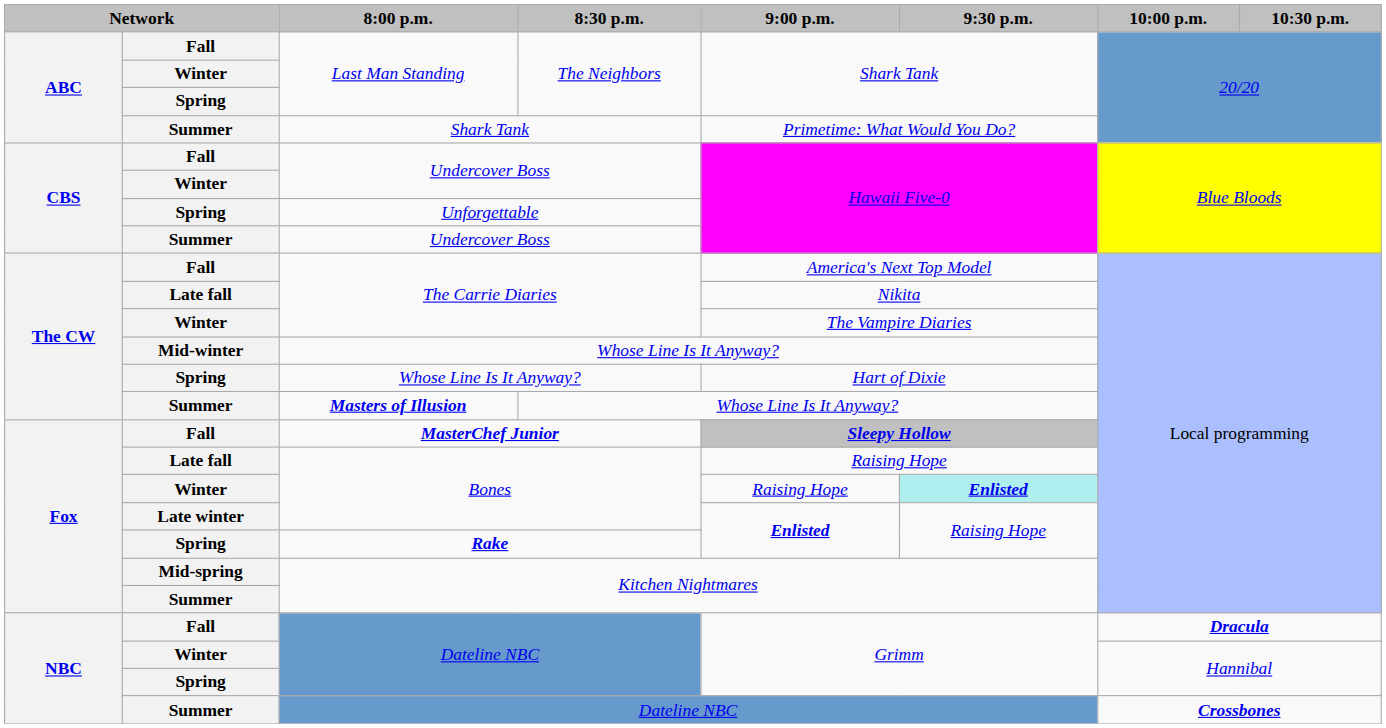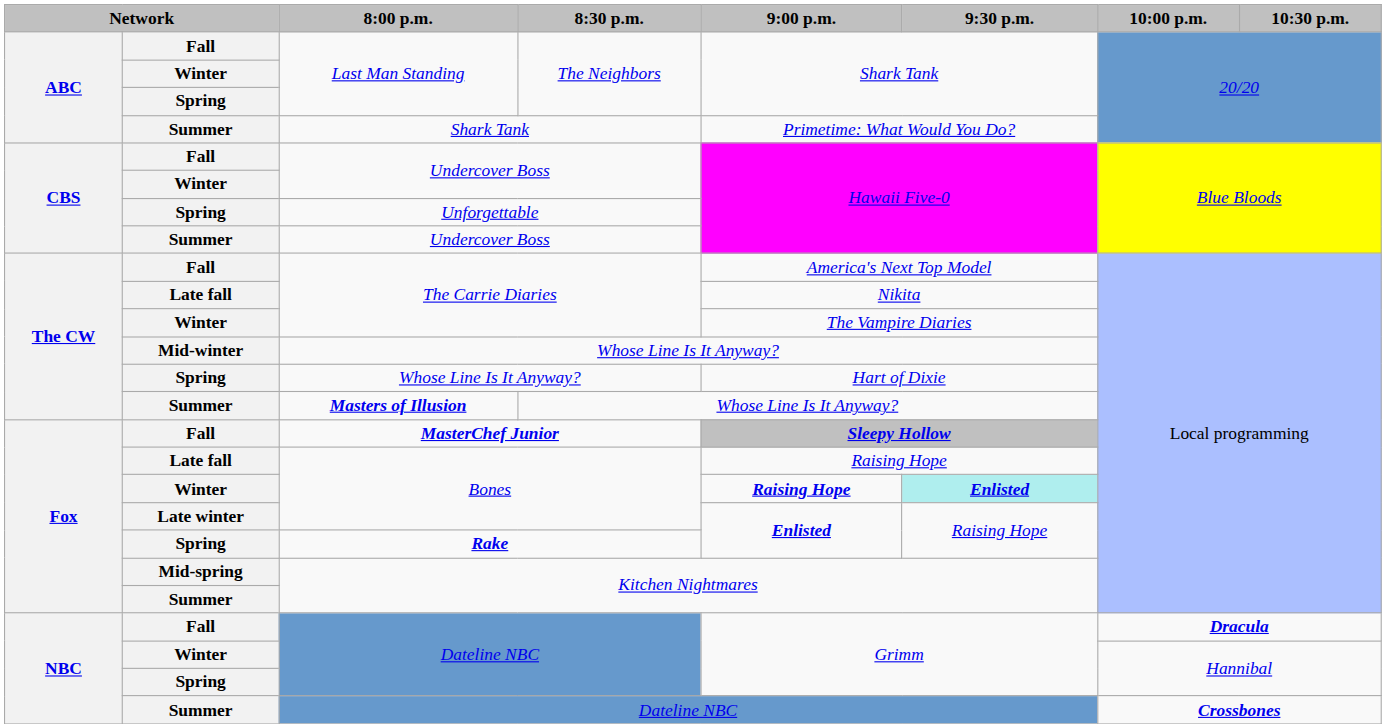 <table class="wikitable" style="width:100%;margin-right:0;text-align:center">
 <tr>
 <th colspan="2" style="background-color:#C0C0C0;text-align:center">Network</th>
 <th style="background-color:#C0C0C0;text-align:center">8:00 p.m.</th>
 <th style="background-color:#C0C0C0;text-align:center">8:30 p.m.</th>
 <th style="background-color:#C0C0C0;text-align:center">9:00 p.m.</th>
 <th style="background-color:#C0C0C0;text-align:center">9:30 p.m.</th>
 <th style="background-color:#C0C0C0;text-align:center">10:00 p.m.</th>
 <th style="background-color:#C0C0C0;text-align:center">10:30 p.m.</th>
 </tr>
 <tr>
 <th rowspan="4"><a href='#'>ABC</a></th>
 <th>Fall</th>
 <td rowspan="3"><em><a href='#'>Last Man Standing</a></em></td>
 <td rowspan="3"><em><a href='#'>The Neighbors</a></em></td>
 <td rowspan="3" colspan="2"><em><a href='#'>Shark Tank</a></em></td>
 <td style="background:#6699CC;" rowspan="4" colspan="2"><em><a href='#'>20/20</a></em></td>
 </tr>
 <tr>
 <th>Winter</th>
 </tr>
 <tr>
 <th>Spring</th>
 </tr>
 <tr>
 <th>Summer</th>
 <td colspan="2"><em><a href='#'>Shark Tank</a></em></td>
 <td colspan="2"><em><a href='#'>Primetime: What Would You Do?</a></em></td>
 </tr>
 <tr>
 <th rowspan="4"><a href='#'>CBS</a></th>
 <th>Fall</th>
 <td rowspan="2" colspan="2"><em><a href='#'>Undercover Boss</a></em></td>
 <td style="background:#FF00FF;" rowspan="4" colspan="2"><em><a href='#'>Hawaii Five-0</a></em> </td>
 <td style="background:#FFFF00;" rowspan="4" colspan="2"><em><a href='#'>Blue Bloods</a></em> </td>
 </tr>
 <tr>
 <th>Winter</th>
 </tr>
 <tr>
 <th>Spring</th>
 <td colspan="2"><em><a href='#'>Unforgettable</a></em></td>
 </tr>
 <tr>
 <th>Summer</th>
 <td colspan="2"><em><a href='#'>Undercover Boss</a></em></td>
 </tr>
 <tr>
 <th rowspan="6"><a href='#'>The CW</a></th>
 <th>Fall</th>
 <td colspan="2" rowspan="3"><em><a href='#'>The Carrie Diaries</a></em></td>
 <td colspan="2"><em><a href='#'>America's Next Top Model</a></em></td>
 <td style="background:#abbfff;" colspan="2" rowspan="13">Local programming</td>
 </tr>
 <tr>
 <th>Late fall</th>
 <td colspan="2"><em><a href='#'>Nikita</a></em></td>
 </tr>
 <tr>
 <th>Winter</th>
 <td colspan="2"><em><a href='#'>The Vampire Diaries</a></em></td>
 </tr>
 <tr>
 <th>Mid-winter</th>
 <td colspan="4"><em><a href='#'>Whose Line Is It Anyway?</a></em></td>
 </tr>
 <tr>
 <th>Spring</th>
 <td colspan="2"><em><a href='#'>Whose Line Is It Anyway?</a></em></td>
 <td colspan="2"><em><a href='#'>Hart of Dixie</a></em></td>
 </tr>
 <tr>
 <th>Summer</th>
 <td><strong><em><a href='#'>Masters of Illusion</a></em></strong></td>
 <td colspan="3"><em><a href='#'>Whose Line Is It Anyway?</a></em></td>
 </tr>
 <tr>
 <th rowspan="7"><a href='#'>Fox</a></th>
 <th>Fall</th>
 <td colspan="2"><strong><em><a href='#'>MasterChef Junior</a></em></strong></td>
 <td colspan="2" style="background:#C0C0C0;"><strong><em><a href='#'>Sleepy Hollow</a></em></strong> </td>
 </tr>
 <tr>
 <th>Late fall</th>
 <td rowspan="3" colspan="2"><em><a href='#'>Bones</a></em></td>
 <td colspan="2"><em><a href='#'>Raising Hope</a></em></td>
 </tr>
 <tr>
 <th>Winter</th>
-<td><em><a href='#'>Raising Hope</a></em></td>
+<td><strong><em><a href='#'>Raising Hope</a></em></strong></td>
 <td style="background: paleturquoise;"><strong><em><a href='#'>Enlisted</a></em></strong></td>
 </tr>
 <tr>
 <th>Late winter</th>
 <td rowspan="2"><strong><em><a href='#'>Enlisted</a></em></strong></td>
 <td rowspan="2"><em><a href='#'>Raising Hope</a></em></td>
 </tr>
 <tr>
 <th>Spring</th>
 <td colspan="2"><strong><em><a href='#'>Rake</a></em></strong></td>
 </tr>
 <tr>
 <th>Mid-spring</th>
 <td rowspan="2" colspan="4"><em><a href='#'>Kitchen Nightmares</a></em></td>
 </tr>
 <tr>
 <th>Summer</th>
 </tr>
 <tr>
 <th rowspan="4"><a href='#'>NBC</a></th>
 <th>Fall</th>
 <td colspan="2" rowspan="3" style="background:#6699CC;"><em><a href='#'>Dateline NBC</a></em></td>
 <td colspan="2" rowspan="3"><em><a href='#'>Grimm</a></em></td>
 <td colspan="2"><strong><em><a href='#'>Dracula</a></em></strong></td>
 </tr>
 <tr>
 <th>Winter</th>
 <td colspan="2" rowspan="2"><em><a href='#'>Hannibal</a></em></td>
 </tr>
 <tr>
 <th>Spring</th>
 </tr>
 <tr>
 <th>Summer</th>
 <td style="background-color:#6699CC;" rowspan="2" colspan="4"><em><a href='#'>Dateline NBC</a></em></td>
 <td colspan="4"><strong><em><a href='#'>Crossbones</a></em></strong></td>
 </tr>
 </table>
